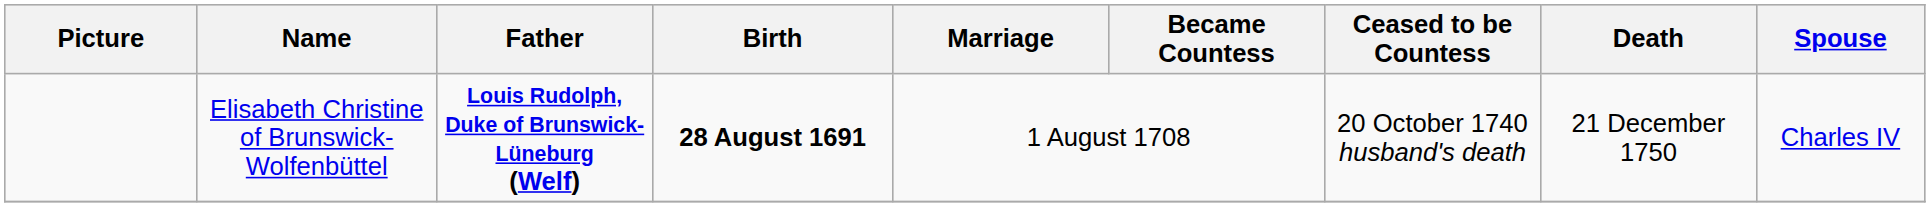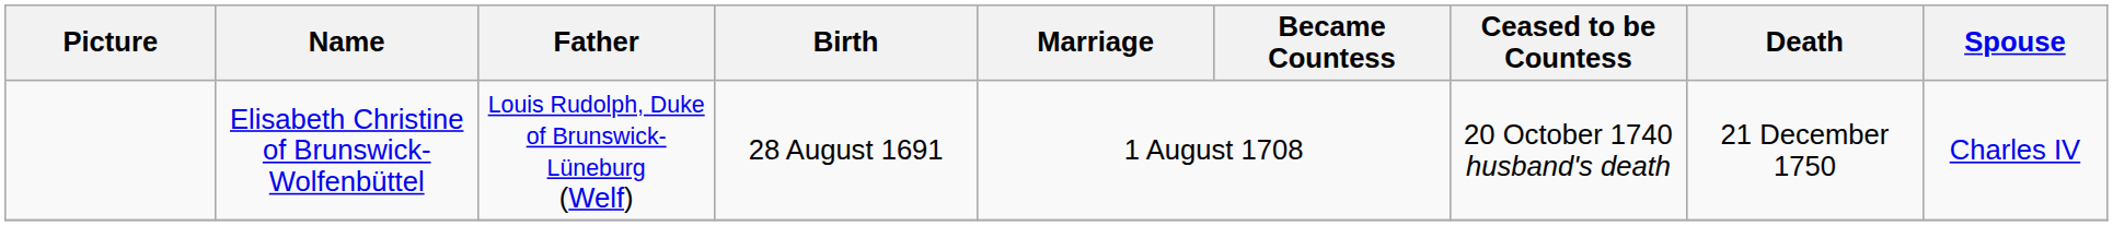 <table width=95% class="wikitable">
 <tr>
 <th width = "8%">Picture</th>
 <th width = "10%">Name</th>
 <th width = "9%">Father</th>
 <th width = "10%">Birth</th>
 <th width = "9%">Marriage</th>
 <th width = "9%">Became Countess</th>
 <th width = "9%">Ceased to be Countess</th>
 <th width = "9%">Death</th>
 <th width = "7%"><a href='#'>Spouse</a></th>
 </tr>
 <tr>
 <td align="center"></td>
 <td align="center"><a href='#'>Elisabeth Christine of Brunswick-Wolfenbüttel</a></td>
-<td align="center"><strong><small><a href='#'>Louis Rudolph, Duke of Brunswick-Lüneburg</a></small><br>(<a href='#'>Welf</a>)</strong></td>
-<td align="center"><strong>28 August 1691</strong></td>
+<td align="center"><small><a href='#'>Louis Rudolph, Duke of Brunswick-Lüneburg</a></small><br>(<a href='#'>Welf</a>)</td>
+<td align="center">28 August 1691</td>
 <td align="center" colspan="2">1 August 1708</td>
 <td align="center">20 October 1740<br><em>husband's death</em></td>
 <td align="center">21 December 1750</td>
 <td align="center"><a href='#'>Charles IV</a></td>
 </tr>
 <tr>
 </tr>
 </table>
